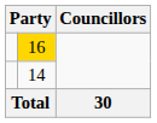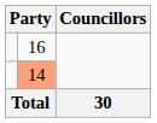 <table class="wikitable">
 <tr>
 <th colspan=2>Party</th>
 <th>Councillors</th>
 </tr>
 <tr>
 <td></td>
-<td align=center style="background: gold;">16</td>
+<td align=center>16</td>
 </tr>
 <tr>
 <td></td>
-<td align=center>14</td>
+<td align=center style="background: lightsalmon;">14</td>
 </tr>
 <tr>
 <th colspan=2>Total</th>
 <th align=center>30</th>
 </tr>
 </table>
